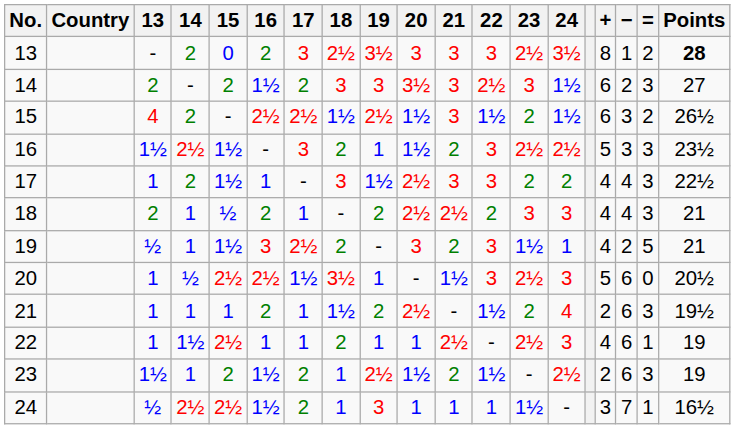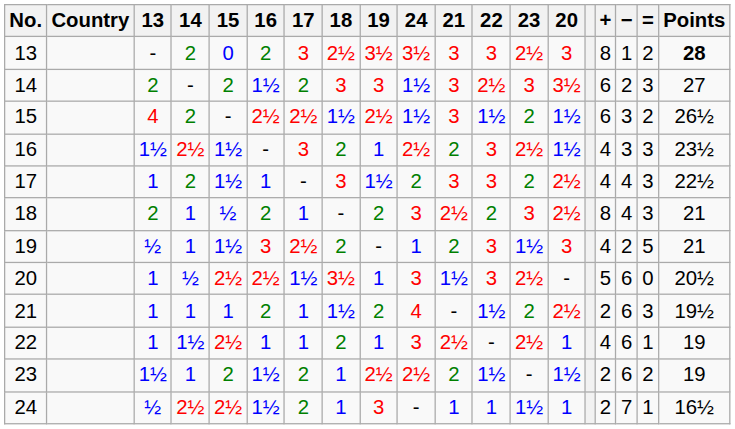 <table class="wikitable" style="text-align:center">
 <tr>
 <th>No.</th>
 <th>Country</th>
 <th>13</th>
 <th>14</th>
 <th>15</th>
 <th>16</th>
 <th>17</th>
 <th>18</th>
 <th>19</th>
-<th>20</th>
+<th>24</th>
 <th>21</th>
 <th>22</th>
 <th>23</th>
-<th>24</th>
+<th>20</th>
 <th></th>
 <th>+</th>
 <th>−</th>
 <th>=</th>
 <th>Points</th>
 </tr>
 <tr>
 <td>13</td>
 <td style="text-align: left"></td>
 <td>-</td>
 <td style="color: green">2</td>
 <td style="color: blue;">0</td>
 <td style="color: green">2</td>
 <td style="color: red;">3</td>
 <td style="color: red;">2½</td>
 <td style="color: red;">3½</td>
-<td style="color: red;">3</td>
+<td style="color: red;">3½</td>
 <td style="color: red;">3</td>
 <td style="color: red;">3</td>
 <td style="color: red;">2½</td>
-<td style="color: red;">3½</td>
+<td style="color: red;">3</td>
 <th></th>
 <td>8</td>
 <td>1</td>
 <td>2</td>
 <td><strong>28</strong></td>
 </tr>
 <tr>
 <td>14</td>
 <td style="text-align: left"></td>
 <td style="color: green">2</td>
 <td>-</td>
 <td style="color: green">2</td>
 <td style="color: blue;">1½</td>
 <td style="color: green">2</td>
 <td style="color: red;">3</td>
 <td style="color: red;">3</td>
-<td style="color: red;">3½</td>
+<td style="color: blue;">1½</td>
 <td style="color: red;">3</td>
 <td style="color: red;">2½</td>
 <td style="color: red;">3</td>
-<td style="color: blue;">1½</td>
+<td style="color: red;">3½</td>
 <th></th>
 <td>6</td>
 <td>2</td>
 <td>3</td>
 <td>27</td>
 </tr>
 <tr>
 <td>15</td>
 <td style="text-align: left"></td>
 <td style="color: red;">4</td>
 <td style="color: green">2</td>
 <td>-</td>
 <td style="color: red;">2½</td>
 <td style="color: red;">2½</td>
 <td style="color: blue;">1½</td>
 <td style="color: red;">2½</td>
 <td style="color: blue;">1½</td>
 <td style="color: red;">3</td>
 <td style="color: blue;">1½</td>
 <td style="color: green">2</td>
 <td style="color: blue;">1½</td>
 <th></th>
 <td>6</td>
 <td>3</td>
 <td>2</td>
 <td>26½</td>
 </tr>
 <tr>
 <td>16</td>
 <td style="text-align: left"></td>
 <td style="color: blue;">1½</td>
 <td style="color: red;">2½</td>
 <td style="color: blue;">1½</td>
 <td>-</td>
 <td style="color: red;">3</td>
 <td style="color: green">2</td>
 <td style="color: blue;">1</td>
-<td style="color: blue;">1½</td>
+<td style="color: red;">2½</td>
 <td style="color: green">2</td>
 <td style="color: red;">3</td>
 <td style="color: red;">2½</td>
-<td style="color: red;">2½</td>
+<td style="color: blue;">1½</td>
 <th></th>
-<td>5</td>
+<td>4</td>
 <td>3</td>
 <td>3</td>
 <td>23½</td>
 </tr>
 <tr>
 <td>17</td>
 <td style="text-align: left"></td>
 <td style="color: blue;">1</td>
 <td style="color: green">2</td>
 <td style="color: blue;">1½</td>
 <td style="color: blue;">1</td>
 <td>-</td>
 <td style="color: red;">3</td>
 <td style="color: blue;">1½</td>
-<td style="color: red;">2½</td>
+<td style="color: green">2</td>
 <td style="color: red;">3</td>
 <td style="color: red;">3</td>
 <td style="color: green">2</td>
-<td style="color: green">2</td>
+<td style="color: red;">2½</td>
 <th></th>
 <td>4</td>
 <td>4</td>
 <td>3</td>
 <td>22½</td>
 </tr>
 <tr>
 <td>18</td>
 <td style="text-align: left"></td>
 <td style="color: green">2</td>
 <td style="color: blue;">1</td>
 <td style="color: blue;">½</td>
 <td style="color: green">2</td>
 <td style="color: blue;">1</td>
 <td>-</td>
 <td style="color: green">2</td>
-<td style="color: red;">2½</td>
+<td style="color: red;">3</td>
 <td style="color: red;">2½</td>
 <td style="color: green">2</td>
 <td style="color: red;">3</td>
-<td style="color: red;">3</td>
+<td style="color: red;">2½</td>
 <th></th>
-<td>4</td>
+<td>8</td>
 <td>4</td>
 <td>3</td>
 <td>21</td>
 </tr>
 <tr>
 <td>19</td>
 <td style="text-align: left"></td>
 <td style="color: blue;">½</td>
 <td style="color: blue;">1</td>
 <td style="color: blue;">1½</td>
 <td style="color: red;">3</td>
 <td style="color: red;">2½</td>
 <td style="color: green">2</td>
 <td>-</td>
-<td style="color: red;">3</td>
+<td style="color: blue;">1</td>
 <td style="color: green">2</td>
 <td style="color: red;">3</td>
 <td style="color: blue;">1½</td>
-<td style="color: blue;">1</td>
+<td style="color: red;">3</td>
 <th></th>
 <td>4</td>
 <td>2</td>
 <td>5</td>
 <td>21</td>
 </tr>
 <tr>
 <td>20</td>
 <td style="text-align: left"></td>
 <td style="color: blue;">1</td>
 <td style="color: blue;">½</td>
 <td style="color: red;">2½</td>
 <td style="color: red;">2½</td>
 <td style="color: blue;">1½</td>
 <td style="color: red;">3½</td>
 <td style="color: blue;">1</td>
-<td>-</td>
+<td style="color: red;">3</td>
 <td style="color: blue;">1½</td>
 <td style="color: red;">3</td>
 <td style="color: red;">2½</td>
-<td style="color: red;">3</td>
+<td>-</td>
 <th></th>
 <td>5</td>
 <td>6</td>
 <td>0</td>
 <td>20½</td>
 </tr>
 <tr>
 <td>21</td>
 <td style="text-align: left"></td>
 <td style="color: blue;">1</td>
 <td style="color: blue;">1</td>
 <td style="color: blue;">1</td>
 <td style="color: green">2</td>
 <td style="color: blue;">1</td>
 <td style="color: blue;">1½</td>
 <td style="color: green">2</td>
-<td style="color: red;">2½</td>
+<td style="color: red;">4</td>
 <td>-</td>
 <td style="color: blue;">1½</td>
 <td style="color: green">2</td>
-<td style="color: red;">4</td>
+<td style="color: red;">2½</td>
 <th></th>
 <td>2</td>
 <td>6</td>
 <td>3</td>
 <td>19½</td>
 </tr>
 <tr>
 <td>22</td>
 <td style="text-align: left"></td>
 <td style="color: blue;">1</td>
 <td style="color: blue;">1½</td>
 <td style="color: red;">2½</td>
 <td style="color: blue;">1</td>
 <td style="color: blue;">1</td>
 <td style="color: green">2</td>
 <td style="color: blue;">1</td>
-<td style="color: blue;">1</td>
+<td style="color: red;">3</td>
 <td style="color: red;">2½</td>
 <td>-</td>
 <td style="color: red;">2½</td>
-<td style="color: red;">3</td>
+<td style="color: blue;">1</td>
 <th></th>
 <td>4</td>
 <td>6</td>
 <td>1</td>
 <td>19</td>
 </tr>
 <tr>
 <td>23</td>
 <td style="text-align: left"></td>
 <td style="color: blue;">1½</td>
 <td style="color: blue;">1</td>
 <td style="color: green">2</td>
 <td style="color: blue;">1½</td>
 <td style="color: green">2</td>
 <td style="color: blue;">1</td>
 <td style="color: red;">2½</td>
-<td style="color: blue;">1½</td>
+<td style="color: red;">2½</td>
 <td style="color: green">2</td>
 <td style="color: blue;">1½</td>
 <td>-</td>
-<td style="color: red;">2½</td>
+<td style="color: blue;">1½</td>
 <th></th>
 <td>2</td>
 <td>6</td>
-<td>3</td>
+<td>2</td>
 <td>19</td>
 </tr>
 <tr>
 <td>24</td>
 <td style="text-align: left"></td>
 <td style="color: blue;">½</td>
 <td style="color: red;">2½</td>
 <td style="color: red;">2½</td>
 <td style="color: blue;">1½</td>
 <td style="color: green">2</td>
 <td style="color: blue;">1</td>
 <td style="color: red;">3</td>
-<td style="color: blue;">1</td>
+<td>-</td>
 <td style="color: blue;">1</td>
 <td style="color: blue;">1</td>
 <td style="color: blue;">1½</td>
-<td>-</td>
+<td style="color: blue;">1</td>
 <th></th>
-<td>3</td>
+<td>2</td>
 <td>7</td>
 <td>1</td>
 <td>16½</td>
 </tr>
 </table>
